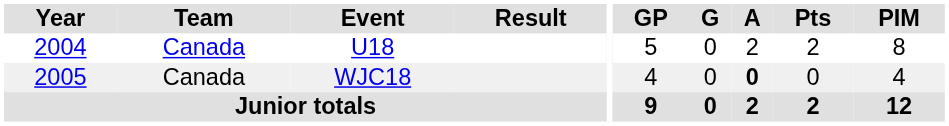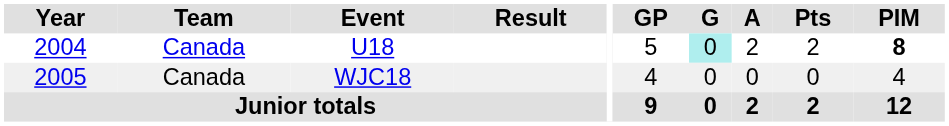 <table border="0" cellpadding="1" cellspacing="0" ID="Table3" style="text-align:center; width:40em">
 <tr ALIGN="center" bgcolor="#e0e0e0">
 <th>Year</th>
 <th>Team</th>
 <th>Event</th>
 <th>Result</th>
 <th rowspan="99" bgcolor="#ffffff"></th>
 <th>GP</th>
 <th>G</th>
 <th>A</th>
 <th>Pts</th>
 <th>PIM</th>
 </tr>
 <tr>
 <td><a href='#'>2004</a></td>
 <td><a href='#'>Canada</a></td>
 <td><a href='#'>U18</a></td>
 <td></td>
 <td>5</td>
-<td>0</td>
+<td style="background: paleturquoise;">0</td>
 <td>2</td>
 <td>2</td>
-<td>8</td>
+<td><strong>8</strong></td>
 </tr>
 <tr bgcolor="#f0f0f0">
 <td><a href='#'>2005</a></td>
 <td>Canada</td>
 <td><a href='#'>WJC18</a></td>
 <td></td>
 <td>4</td>
 <td>0</td>
-<td><strong>0</strong></td>
+<td>0</td>
 <td>0</td>
 <td>4</td>
 </tr>
 <tr bgcolor="#e0e0e0">
 <th colspan="4">Junior totals</th>
 <th>9</th>
 <th>0</th>
 <th>2</th>
 <th>2</th>
 <th>12</th>
 </tr>
 </table>
